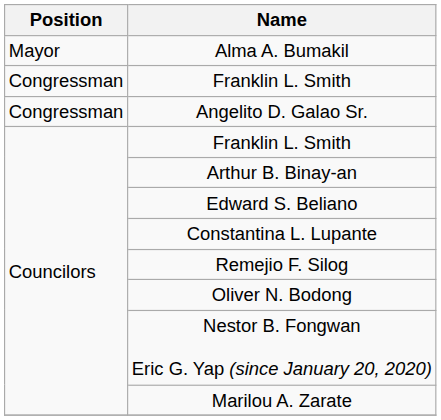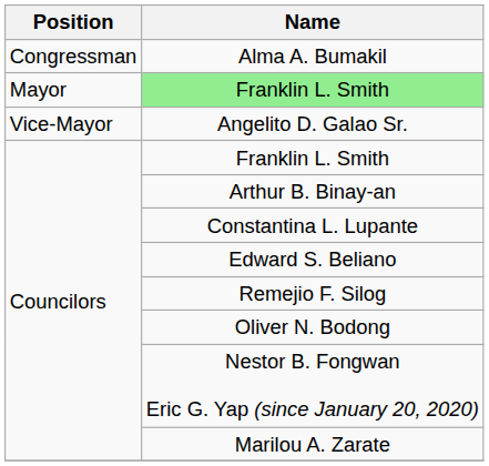 <table class="wikitable" style="line-height:1.20em; font-size:100%;">
 <tr>
 <th>Position</th>
 <th>Name</th>
 </tr>
 <tr>
-<td>Mayor</td>
+<td>Congressman</td>
 <td style="text-align:center;">Alma A. Bumakil</td>
 </tr>
 <tr>
-<td>Congressman</td>
-<td style="text-align:center;">Franklin L. Smith</td>
+<td>Mayor</td>
+<td style="background: lightgreen; text-align:center;">Franklin L. Smith</td>
 </tr>
 <tr>
-<td>Congressman</td>
+<td>Vice-Mayor</td>
 <td style="text-align:center;">Angelito D. Galao Sr.</td>
 </tr>
 <tr>
 <td rowspan=8>Councilors</td>
 <td style="text-align:center;">Franklin L. Smith</td>
 </tr>
 <tr>
 <td style="text-align:center;">Arthur B. Binay-an</td>
 </tr>
 <tr>
-<td style="text-align:center;">Edward S. Beliano</td>
+<td style="text-align:center;">Constantina L. Lupante</td>
 </tr>
 <tr>
-<td style="text-align:center;">Constantina L. Lupante</td>
+<td style="text-align:center;">Edward S. Beliano</td>
 </tr>
 <tr>
 <td style="text-align:center;">Remejio F. Silog</td>
 </tr>
 <tr>
 <td style="text-align:center;">Oliver N. Bodong</td>
 </tr>
 <tr>
 <td style="text-align:center;">Nestor B. Fongwan<br><br>Eric G. Yap <em>(since January 20, 2020)</em></td>
 </tr>
 <tr>
 <td style="text-align:center;">Marilou A. Zarate</td>
 </tr>
 <tr>
 </tr>
 </table>
